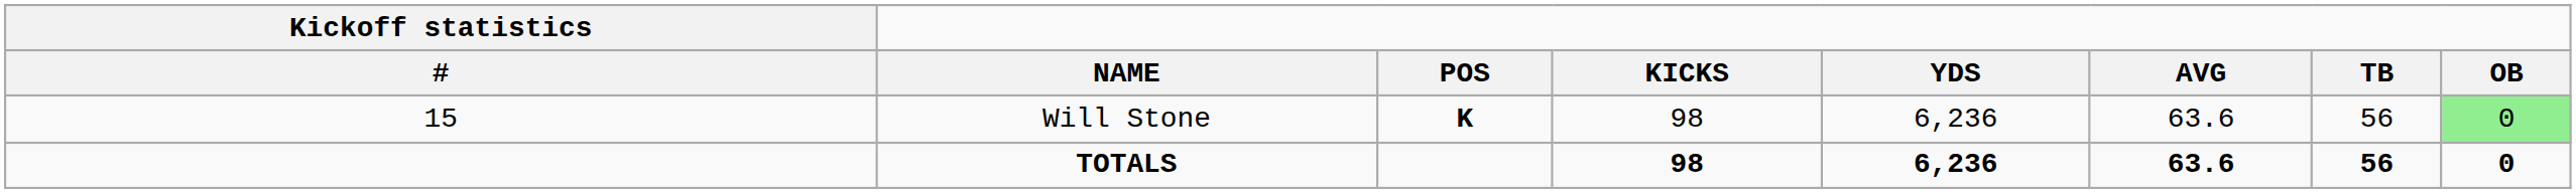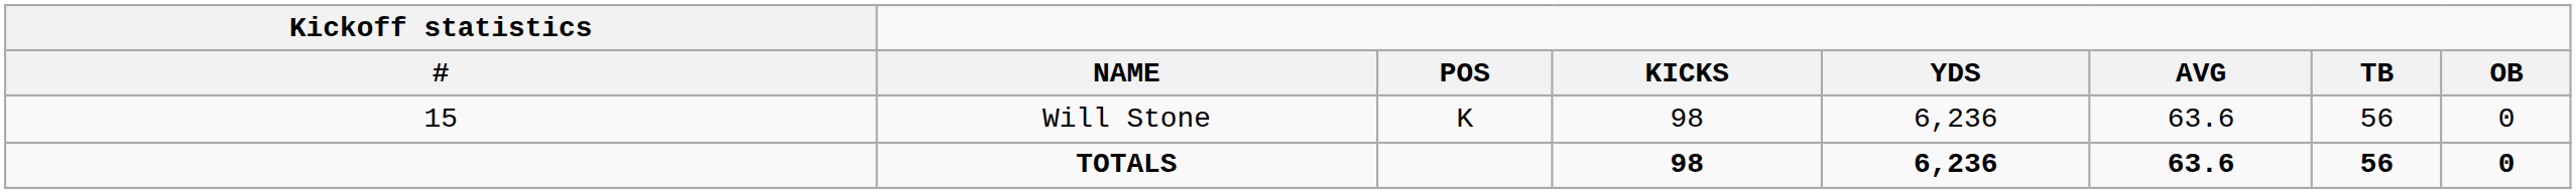 <table style="width:60%; text-align:center;" class="wikitable collapsible collapsed">
 <tr>
 <th style="text-align:center; ">Kickoff statistics</th>
 </tr>
 <tr>
 <th>#</th>
 <th>NAME</th>
 <th>POS</th>
 <th>KICKS</th>
 <th>YDS</th>
 <th>AVG</th>
 <th>TB</th>
 <th>OB</th>
 </tr>
 <tr style="text-align:center">
 <td>15</td>
 <td>Will Stone</td>
-<td><strong>K</strong></td>
+<td>K</td>
 <td>98</td>
 <td>6,236</td>
 <td>63.6</td>
 <td>56</td>
-<td style="background: lightgreen;">0</td>
+<td>0</td>
 </tr>
 <tr style="text-align:center">
 <td></td>
 <td><strong>TOTALS</strong></td>
 <td></td>
 <td><strong>98</strong></td>
 <td><strong>6,236</strong></td>
 <td><strong>63.6</strong></td>
 <td><strong>56</strong></td>
 <td><strong>0</strong></td>
 </tr>
 </table>
